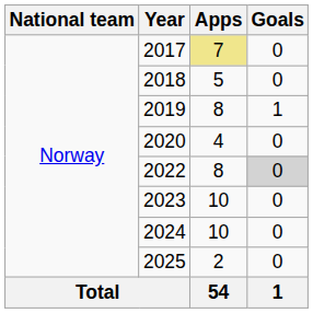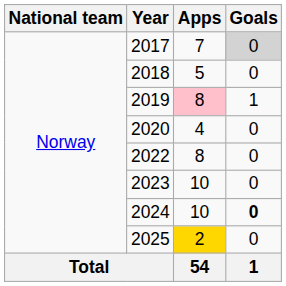 <table class="wikitable" style="text-align:center">
 <tr>
 <th>National team</th>
 <th>Year</th>
 <th>Apps</th>
 <th>Goals</th>
 </tr>
 <tr>
 <td rowspan="8"><a href='#'>Norway</a></td>
 <td>2017</td>
-<td style="background: khaki;">7</td>
-<td>0</td>
+<td>7</td>
+<td style="background: lightgrey;">0</td>
 </tr>
 <tr>
 <td>2018</td>
 <td>5</td>
 <td>0</td>
 </tr>
 <tr>
 <td>2019</td>
-<td>8</td>
+<td style="background: pink;">8</td>
 <td>1</td>
 </tr>
 <tr>
 <td>2020</td>
 <td>4</td>
 <td>0</td>
 </tr>
 <tr>
 <td>2022</td>
 <td>8</td>
-<td style="background: lightgrey;">0</td>
+<td>0</td>
 </tr>
 <tr>
 <td>2023</td>
 <td>10</td>
 <td>0</td>
 </tr>
 <tr>
 <td>2024</td>
 <td>10</td>
-<td>0</td>
+<td><strong>0</strong></td>
 </tr>
 <tr>
 <td>2025</td>
-<td>2</td>
+<td style="background: gold;">2</td>
 <td>0</td>
 </tr>
 <tr>
 <th colspan="2">Total</th>
 <th>54</th>
 <th>1</th>
 </tr>
 </table>
